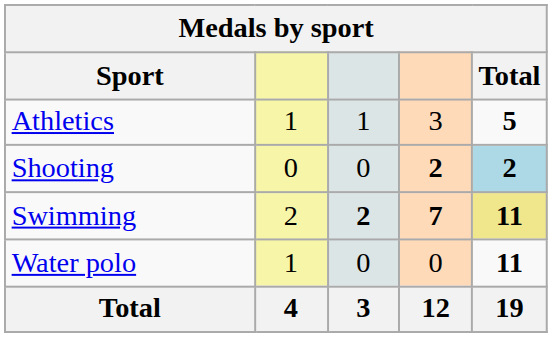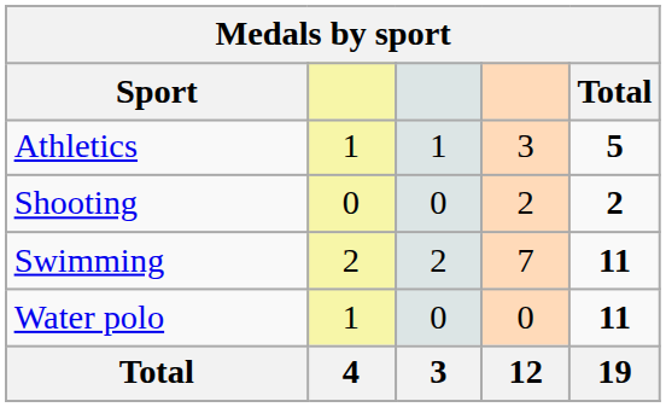 <table class="wikitable" style="font-size:90%; text-align:center;">
 <tr>
 <th colspan=5>Medals by sport</th>
 </tr>
 <tr>
 <th width=120>Sport</th>
 <th scope="col" width=30 style="background:#F7F6A8;"></th>
 <th scope="col" width=30 style="background:#DCE5E5;"></th>
 <th scope="col" width=30 style="background:#FFDAB9;"></th>
 <th width=30>Total</th>
 </tr>
 <tr>
 <td align=left><a href='#'>Athletics</a></td>
 <td style="background:#F7F6A8;">1</td>
 <td style="background:#DCE5E5;">1</td>
 <td style="background:#FFDAB9;">3</td>
 <td><strong>5</strong></td>
 </tr>
 <tr>
 <td align=left><a href='#'>Shooting</a></td>
 <td style="background:#F7F6A8;">0</td>
 <td style="background:#DCE5E5;">0</td>
-<td style="background:#FFDAB9;"><strong>2</strong></td>
-<td style="background: lightblue;"><strong>2</strong></td>
+<td style="background:#FFDAB9;">2</td>
+<td><strong>2</strong></td>
 </tr>
 <tr>
 <td align=left><a href='#'>Swimming</a></td>
 <td style="background:#F7F6A8;">2</td>
-<td style="background:#DCE5E5;"><strong>2</strong></td>
-<td style="background:#FFDAB9;"><strong>7</strong></td>
-<td style="background: khaki;"><strong>11</strong></td>
+<td style="background:#DCE5E5;">2</td>
+<td style="background:#FFDAB9;">7</td>
+<td><strong>11</strong></td>
 </tr>
 <tr>
 <td align=left><a href='#'>Water polo</a></td>
 <td style="background:#F7F6A8;">1</td>
 <td style="background:#DCE5E5;">0</td>
 <td style="background:#FFDAB9;">0</td>
 <td><strong>11</strong></td>
 </tr>
 <tr class="sortbottom">
 <th>Total</th>
 <th>4</th>
 <th>3</th>
 <th>12</th>
 <th>19</th>
 </tr>
 </table>
